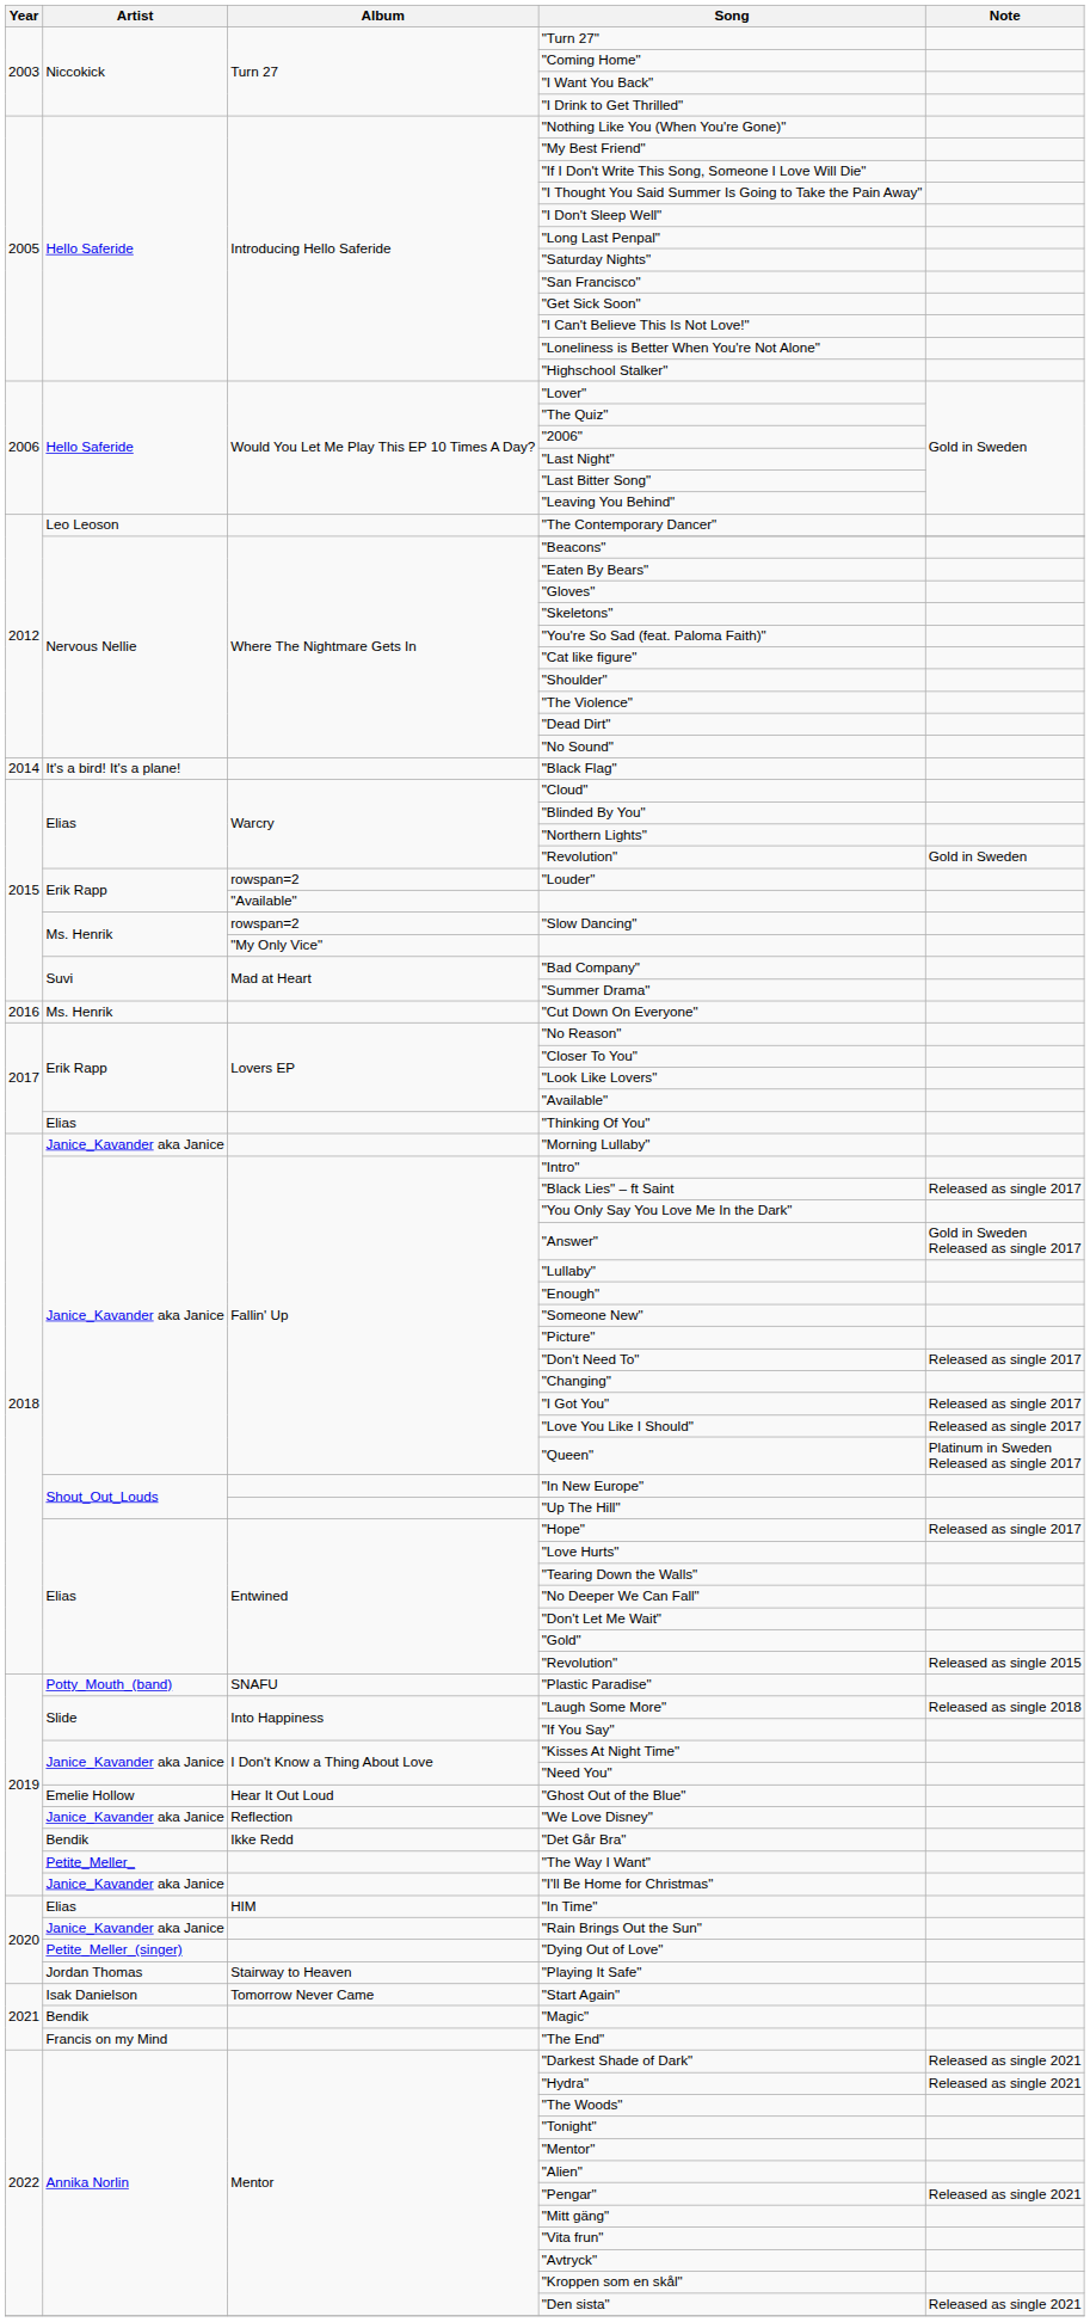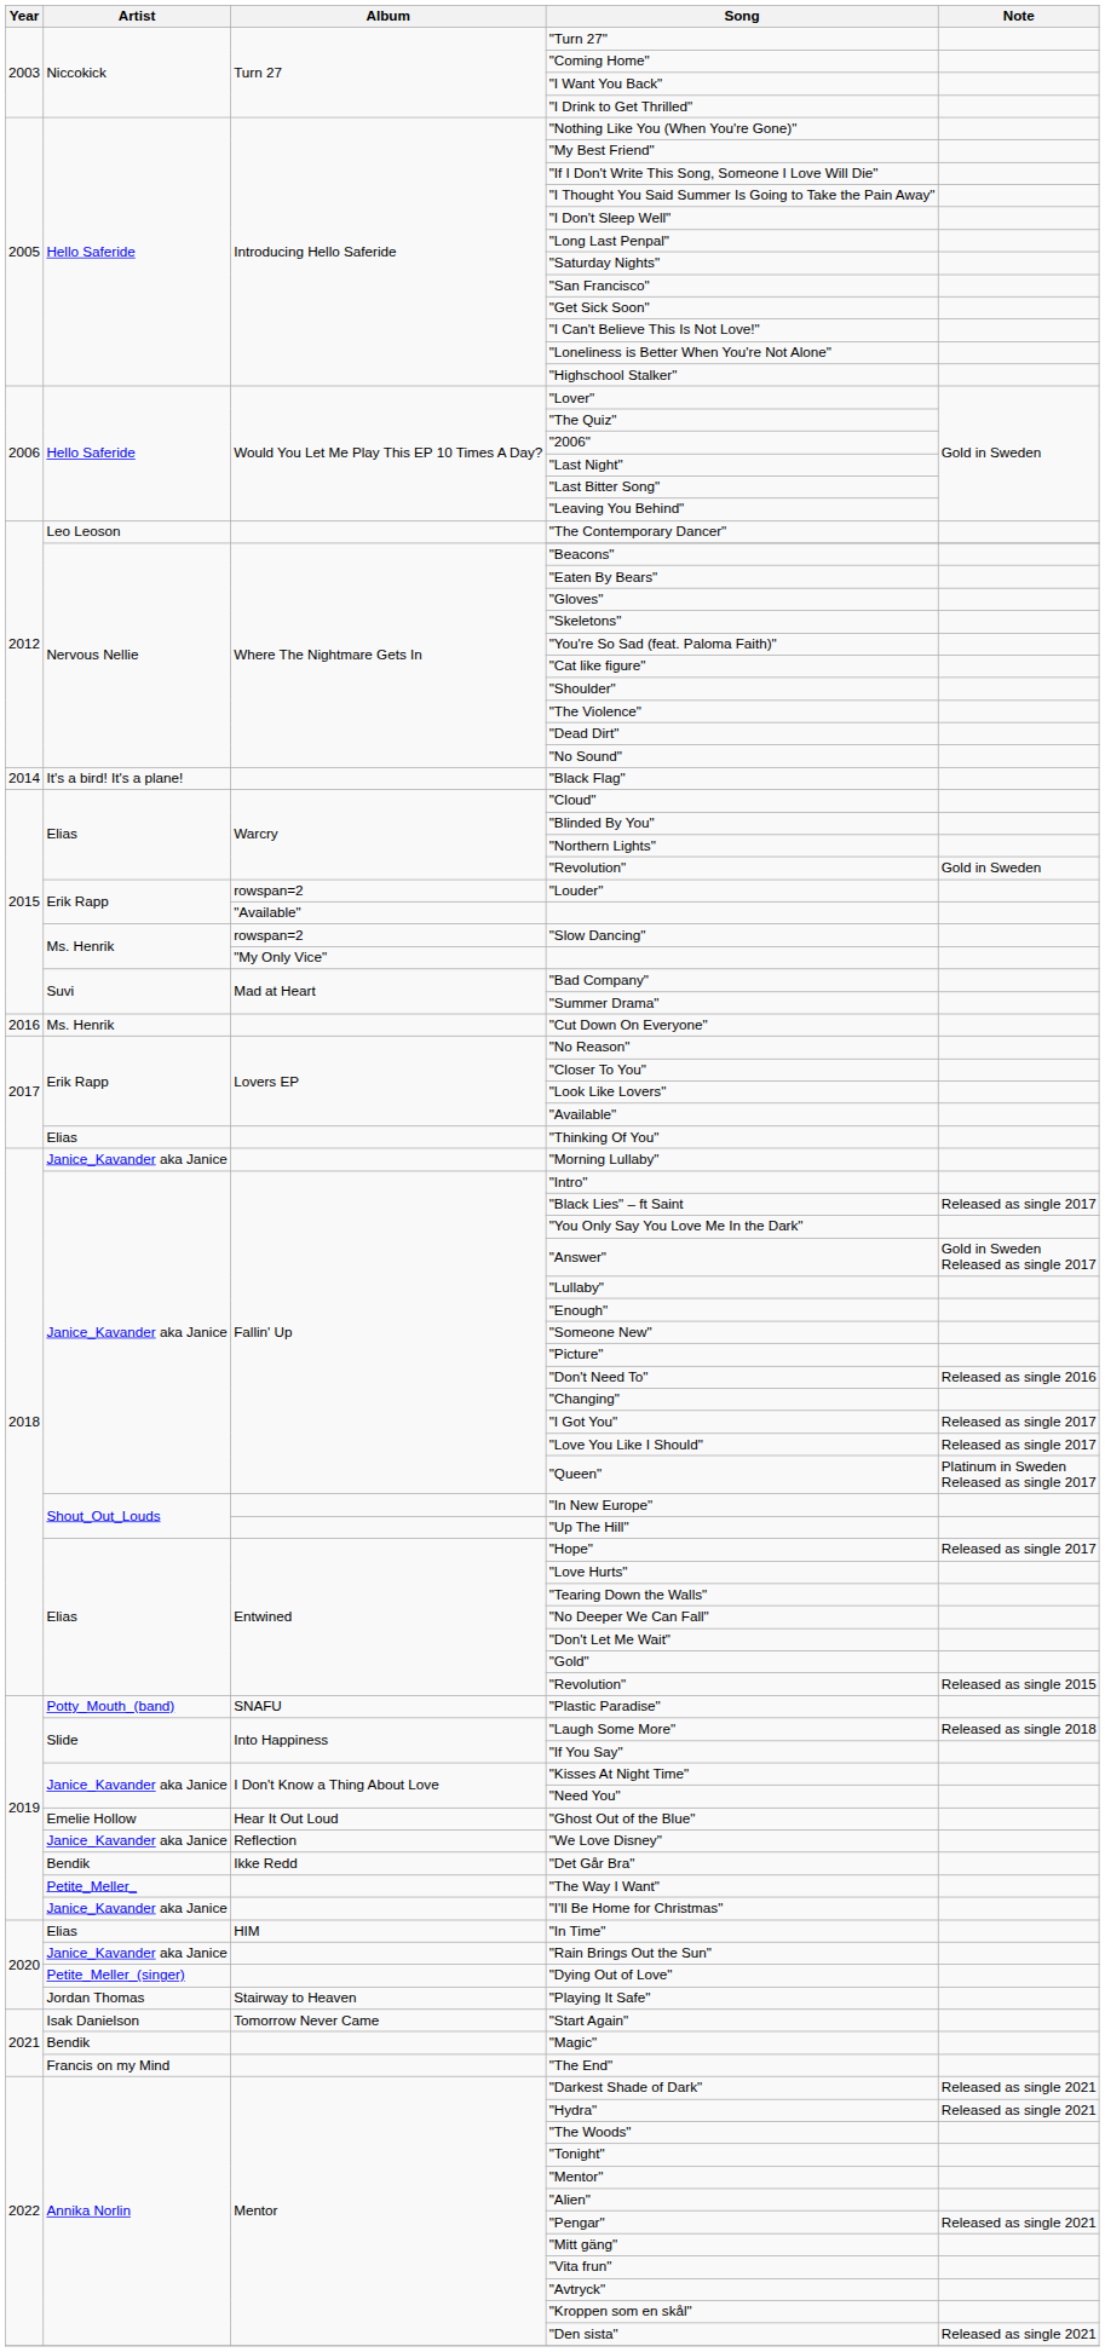 <table class="wikitable">
 <tr>
 <th>Year</th>
 <th>Artist</th>
 <th>Album</th>
 <th>Song</th>
 <th>Note</th>
 </tr>
 <tr>
 <td rowspan="4">2003</td>
 <td rowspan="4">Niccokick</td>
 <td rowspan="4">Turn 27</td>
 <td>"Turn 27"</td>
 <td></td>
 </tr>
 <tr>
 <td>"Coming Home"</td>
 <td></td>
 </tr>
 <tr>
 <td>"I Want You Back"</td>
 <td></td>
 </tr>
 <tr>
 <td>"I Drink to Get Thrilled"</td>
 <td></td>
 </tr>
 <tr>
 <td rowspan="12">2005</td>
 <td rowspan="12"><a href='#'>Hello Saferide</a></td>
 <td rowspan="12">Introducing Hello Saferide</td>
 <td>"Nothing Like You (When You're Gone)"</td>
 <td></td>
 </tr>
 <tr>
 <td>"My Best Friend"</td>
 <td></td>
 </tr>
 <tr>
 <td>"If I Don't Write This Song, Someone I Love Will Die"</td>
 <td></td>
 </tr>
 <tr>
 <td>"I Thought You Said Summer Is Going to Take the Pain Away"</td>
 <td></td>
 </tr>
 <tr>
 <td>"I Don't Sleep Well"</td>
 <td></td>
 </tr>
 <tr>
 <td>"Long Last Penpal"</td>
 <td></td>
 </tr>
 <tr>
 <td>"Saturday Nights"</td>
 <td></td>
 </tr>
 <tr>
 <td>"San Francisco"</td>
 <td></td>
 </tr>
 <tr>
 <td>"Get Sick Soon"</td>
 <td></td>
 </tr>
 <tr>
 <td>"I Can't Believe This Is Not Love!"</td>
 <td></td>
 </tr>
 <tr>
 <td>"Loneliness is Better When You're Not Alone"</td>
 <td></td>
 </tr>
 <tr>
 <td>"Highschool Stalker"</td>
 <td></td>
 </tr>
 <tr>
 <td rowspan="6">2006</td>
 <td rowspan="6"><a href='#'>Hello Saferide</a></td>
 <td rowspan="6">Would You Let Me Play This EP 10 Times A Day?</td>
 <td>"Lover"</td>
 <td rowspan="6">Gold in Sweden</td>
 </tr>
 <tr>
 <td>"The Quiz"</td>
 </tr>
 <tr>
 <td>"2006"</td>
 </tr>
 <tr>
 <td>"Last Night"</td>
 </tr>
 <tr>
 <td>"Last Bitter Song"</td>
 </tr>
 <tr>
 <td>"Leaving You Behind"</td>
 </tr>
 <tr>
 <td rowspan="12">2012</td>
 <td>Leo Leoson</td>
 <td></td>
 <td>"The Contemporary Dancer"</td>
 <td></td>
 </tr>
 <tr>
 <td rowspan="11">Nervous Nellie</td>
 <td rowspan="11">Where The Nightmare Gets In</td>
 </tr>
 <tr>
 <td>"Beacons"</td>
 <td></td>
 </tr>
 <tr>
 <td>"Eaten By Bears"</td>
 <td></td>
 </tr>
 <tr>
 <td>"Gloves"</td>
 <td></td>
 </tr>
 <tr>
 <td>"Skeletons"</td>
 <td></td>
 </tr>
 <tr>
 <td>"You're So Sad (feat. Paloma Faith)"</td>
 <td></td>
 </tr>
 <tr>
 <td>"Cat like figure"</td>
 <td></td>
 </tr>
 <tr>
 <td>"Shoulder"</td>
 <td></td>
 </tr>
 <tr>
 <td>"The Violence"</td>
 <td></td>
 </tr>
 <tr>
 <td>"Dead Dirt"</td>
 <td></td>
 </tr>
 <tr>
 <td>"No Sound"</td>
 <td></td>
 </tr>
 <tr>
 <td>2014</td>
 <td>It's a bird! It's a plane!</td>
 <td></td>
 <td>"Black Flag"</td>
 <td></td>
 </tr>
 <tr>
 <td rowspan="10">2015</td>
 <td rowspan="4">Elias</td>
 <td rowspan="4">Warcry</td>
 <td>"Cloud"</td>
 <td></td>
 </tr>
 <tr>
 <td>"Blinded By You"</td>
 <td></td>
 </tr>
 <tr>
 <td>"Northern Lights"</td>
 <td></td>
 </tr>
 <tr>
 <td>"Revolution"</td>
 <td>Gold in Sweden</td>
 </tr>
 <tr r>
 <td rowspan="2">Erik Rapp</td>
 <td>rowspan=2 </td>
 <td>"Louder"</td>
 <td></td>
 </tr>
 <tr>
 <td>"Available"</td>
 <td></td>
 </tr>
 <tr>
 <td rowspan="2">Ms. Henrik</td>
 <td>rowspan=2 </td>
 <td>"Slow Dancing"</td>
 <td></td>
 </tr>
 <tr>
 <td>"My Only Vice"</td>
 <td></td>
 </tr>
 <tr>
 <td rowspan="2">Suvi</td>
 <td rowspan="2">Mad at Heart</td>
 <td>"Bad Company"</td>
 <td></td>
 </tr>
 <tr>
 <td>"Summer Drama"</td>
 <td></td>
 </tr>
 <tr>
 <td rowspan="1">2016</td>
 <td>Ms. Henrik</td>
 <td></td>
 <td>"Cut Down On Everyone"</td>
 <td></td>
 </tr>
 <tr>
 <td rowspan="5">2017</td>
 <td rowspan="4">Erik Rapp</td>
 <td rowspan="4">Lovers EP</td>
 <td>"No Reason"</td>
 <td></td>
 </tr>
 <tr>
 <td>"Closer To You"</td>
 <td></td>
 </tr>
 <tr>
 <td>"Look Like Lovers"</td>
 <td></td>
 </tr>
 <tr>
 <td>"Available"</td>
 <td></td>
 </tr>
 <tr>
 <td>Elias</td>
 <td></td>
 <td>"Thinking Of You"</td>
 <td></td>
 </tr>
 <tr>
 <td rowspan="23">2018</td>
 <td><a href='#'>Janice_Kavander</a> aka Janice</td>
 <td></td>
 <td>"Morning Lullaby"</td>
 <td></td>
 </tr>
 <tr>
 <td rowspan="13"><a href='#'>Janice_Kavander</a> aka Janice</td>
 <td rowspan="13">Fallin' Up</td>
 <td>"Intro"</td>
 <td></td>
 </tr>
 <tr>
 <td>"Black Lies" – ft Saint</td>
 <td>Released as single 2017</td>
 </tr>
 <tr>
 <td>"You Only Say You Love Me In the Dark"</td>
 <td></td>
 </tr>
 <tr>
 <td>"Answer"</td>
 <td>Gold in Sweden<br>Released as single 2017</td>
 </tr>
 <tr>
 <td>"Lullaby"</td>
 <td></td>
 </tr>
 <tr>
 <td>"Enough"</td>
 <td></td>
 </tr>
 <tr>
 <td>"Someone New"</td>
 <td></td>
 </tr>
 <tr>
 <td>"Picture"</td>
 <td></td>
 </tr>
 <tr>
 <td>"Don't Need To"</td>
-<td>Released as single 2017</td>
+<td>Released as single 2016</td>
 </tr>
 <tr>
 <td>"Changing"</td>
 <td></td>
 </tr>
 <tr>
 <td>"I Got You"</td>
 <td>Released as single 2017</td>
 </tr>
 <tr>
 <td>"Love You Like I Should"</td>
 <td>Released as single 2017</td>
 </tr>
 <tr>
 <td>"Queen"</td>
 <td>Platinum in Sweden<br>Released as single 2017</td>
 </tr>
 <tr>
 <td rowspan="2"><a href='#'>Shout_Out_Louds</a></td>
 <td></td>
 <td>"In New Europe"</td>
 <td></td>
 </tr>
 <tr>
 <td></td>
 <td>"Up The Hill"</td>
 <td></td>
 </tr>
 <tr>
 <td rowspan="7">Elias</td>
 <td rowspan="7">Entwined</td>
 <td>"Hope"</td>
 <td>Released as single 2017</td>
 </tr>
 <tr>
 <td>"Love Hurts"</td>
 <td></td>
 </tr>
 <tr>
 <td>"Tearing Down the Walls"</td>
 <td></td>
 </tr>
 <tr>
 <td>"No Deeper We Can Fall"</td>
 <td></td>
 </tr>
 <tr>
 <td>"Don't Let Me Wait"</td>
 <td></td>
 </tr>
 <tr>
 <td>"Gold"</td>
 <td></td>
 </tr>
 <tr>
 <td>"Revolution"</td>
 <td>Released as single 2015</td>
 </tr>
 <tr>
 <td rowspan="10">2019</td>
 <td><a href='#'>Potty_Mouth_(band)</a></td>
 <td>SNAFU</td>
 <td>"Plastic Paradise"</td>
 <td></td>
 </tr>
 <tr>
 <td rowspan="2">Slide</td>
 <td rowspan="2">Into Happiness</td>
 <td>"Laugh Some More"</td>
 <td>Released as single 2018</td>
 </tr>
 <tr>
 <td>"If You Say"</td>
 <td></td>
 </tr>
 <tr>
 <td rowspan="2"><a href='#'>Janice_Kavander</a> aka Janice</td>
 <td rowspan="2">I Don't Know a Thing About Love</td>
 <td>"Kisses At Night Time"</td>
 <td></td>
 </tr>
 <tr>
 <td>"Need You"</td>
 <td></td>
 </tr>
 <tr>
 <td>Emelie Hollow</td>
 <td>Hear It Out Loud</td>
 <td>"Ghost Out of the Blue"</td>
 <td></td>
 </tr>
 <tr>
 <td><a href='#'>Janice_Kavander</a> aka Janice</td>
 <td>Reflection</td>
 <td>"We Love Disney"</td>
 <td></td>
 </tr>
 <tr>
 <td>Bendik</td>
 <td>Ikke Redd</td>
 <td>"Det Går Bra"</td>
 <td></td>
 </tr>
 <tr>
 <td><a href='#'>Petite_Meller_</a></td>
 <td></td>
 <td>"The Way I Want"</td>
 <td></td>
 </tr>
 <tr>
 <td><a href='#'>Janice_Kavander</a> aka Janice</td>
 <td></td>
 <td>"I'll Be Home for Christmas"</td>
 <td></td>
 </tr>
 <tr>
 <td rowspan="4">2020</td>
 <td>Elias</td>
 <td>HIM</td>
 <td>"In Time"</td>
 <td></td>
 </tr>
 <tr>
 <td><a href='#'>Janice_Kavander</a> aka Janice</td>
 <td></td>
 <td>"Rain Brings Out the Sun"</td>
 <td></td>
 </tr>
 <tr>
 <td><a href='#'>Petite_Meller_(singer)</a></td>
 <td></td>
 <td>"Dying Out of Love"</td>
 <td></td>
 </tr>
 <tr>
 <td>Jordan Thomas</td>
 <td>Stairway to Heaven</td>
 <td>"Playing It Safe"</td>
 <td></td>
 </tr>
 <tr>
 <td rowspan="3">2021</td>
 <td>Isak Danielson</td>
 <td>Tomorrow Never Came</td>
 <td>"Start Again"</td>
 <td></td>
 </tr>
 <tr>
 <td>Bendik</td>
 <td></td>
 <td>"Magic"</td>
 <td></td>
 </tr>
 <tr>
 <td>Francis on my Mind</td>
 <td></td>
 <td>"The End"</td>
 <td></td>
 </tr>
 <tr>
 <td rowspan="12">2022</td>
 <td rowspan="12"><a href='#'>Annika Norlin</a></td>
 <td rowspan="12">Mentor</td>
 <td>"Darkest Shade of Dark"</td>
 <td>Released as single 2021</td>
 </tr>
 <tr>
 <td>"Hydra"</td>
 <td>Released as single 2021</td>
 </tr>
 <tr>
 <td>"The Woods"</td>
 <td></td>
 </tr>
 <tr>
 <td>"Tonight"</td>
 <td></td>
 </tr>
 <tr>
 <td>"Mentor"</td>
 <td></td>
 </tr>
 <tr>
 <td>"Alien"</td>
 <td></td>
 </tr>
 <tr>
 <td>"Pengar"</td>
 <td>Released as single 2021</td>
 </tr>
 <tr>
 <td>"Mitt gäng"</td>
 <td></td>
 </tr>
 <tr>
 <td>"Vita frun"</td>
 <td></td>
 </tr>
 <tr>
 <td>"Avtryck"</td>
 <td></td>
 </tr>
 <tr>
 <td>"Kroppen som en skål"</td>
 <td></td>
 </tr>
 <tr>
 <td>"Den sista"</td>
 <td>Released as single 2021</td>
 </tr>
 <tr>
 </tr>
 </table>
